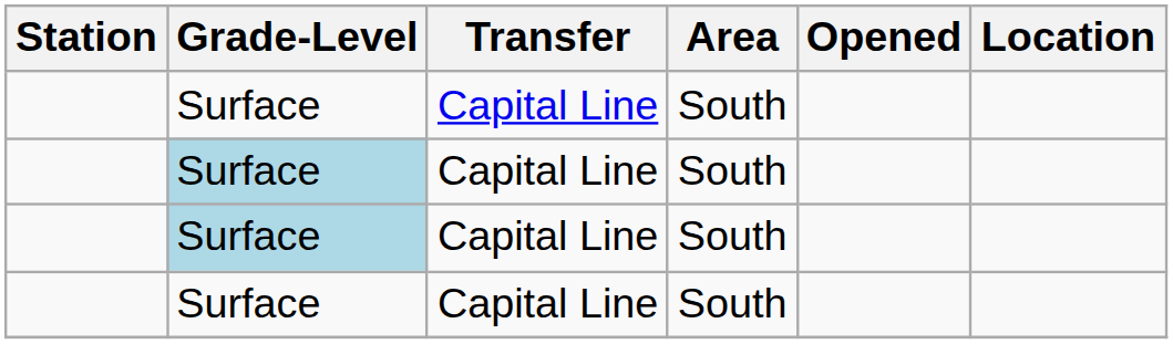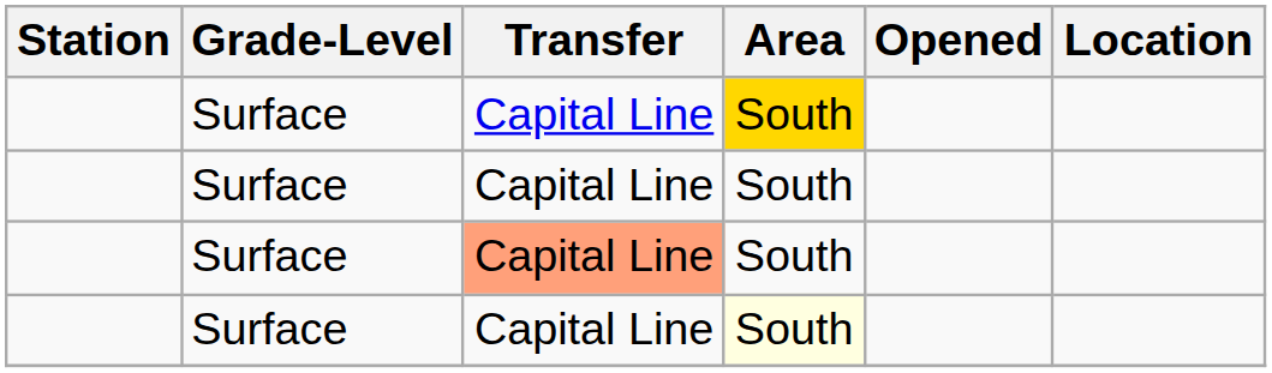 <table class=wikitable>
 <tr>
 <th>Station</th>
 <th>Grade-Level</th>
 <th>Transfer</th>
 <th>Area</th>
 <th>Opened</th>
 <th class="unsortable">Location</th>
 </tr>
 <tr>
 <td></td>
 <td>Surface</td>
 <td> <a href='#'>Capital Line</a></td>
-<td>South</td>
-<td></td>
-<td><small></small></td>
-</tr>
-<tr>
-<td></td>
-<td style="background: lightblue;">Surface</td>
-<td> Capital Line</td>
-<td>South</td>
-<td></td>
-<td><small></small></td>
-</tr>
-<tr>
-<td></td>
-<td style="background: lightblue;">Surface</td>
-<td> Capital Line</td>
-<td>South</td>
+<td style="background: gold;">South</td>
 <td></td>
 <td><small></small></td>
 </tr>
 <tr>
 <td></td>
 <td>Surface</td>
 <td> Capital Line</td>
 <td>South</td>
 <td></td>
 <td><small></small></td>
 </tr>
 <tr>
+<td></td>
+<td>Surface</td>
+<td style="background: lightsalmon;"> Capital Line</td>
+<td>South</td>
+<td></td>
+<td><small></small></td>
+</tr>
+<tr>
+<td></td>
+<td>Surface</td>
+<td> Capital Line</td>
+<td style="background: lightyellow;">South</td>
+<td></td>
+<td><small></small></td>
+</tr>
+<tr>
 </tr>
 </table>
